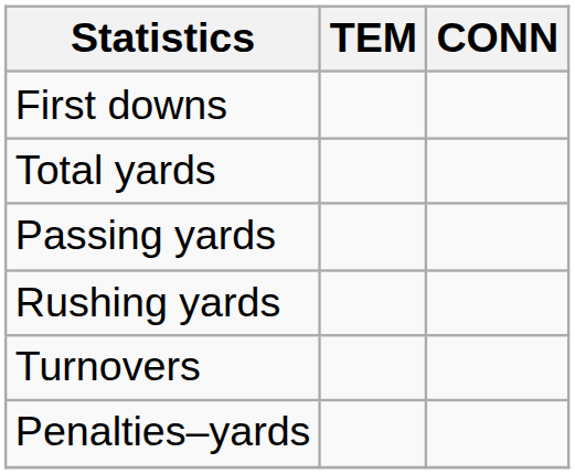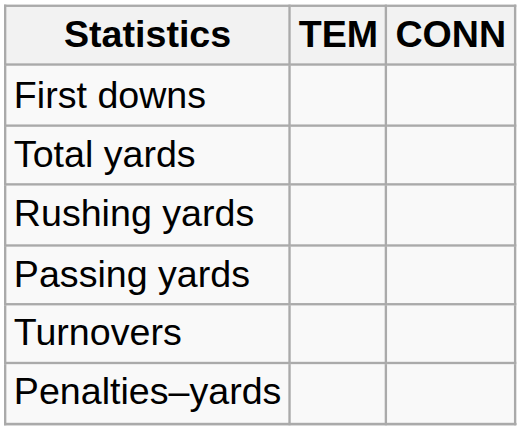 <table class="wikitable" style="float: left;">
 <tr>
 <th>Statistics</th>
 <th>TEM</th>
 <th>CONN</th>
 </tr>
 <tr>
 <td>First downs</td>
 <td></td>
 <td></td>
 </tr>
 <tr>
 <td>Total yards</td>
 <td></td>
 <td></td>
 </tr>
 <tr>
-<td>Passing yards</td>
+<td>Rushing yards</td>
 <td></td>
 <td></td>
 </tr>
 <tr>
-<td>Rushing yards</td>
+<td>Passing yards</td>
 <td></td>
 <td></td>
 </tr>
 <tr>
 <td>Turnovers</td>
 <td></td>
 <td></td>
 </tr>
 <tr>
 <td>Penalties–yards</td>
 <td></td>
 <td></td>
 </tr>
 <tr>
 </tr>
 </table>
